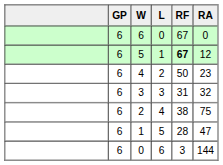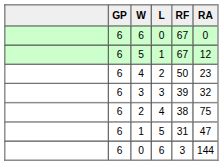 <table border=1 cellpadding=5 cellspacing=0>
 <tr>
 <th bgcolor="#efefef" width="150">　</th>
 <th bgcolor="#efefef" width="20">GP</th>
 <th bgcolor="#efefef" width="20">W</th>
 <th bgcolor="#efefef" width="20">L</th>
 <th bgcolor="#efefef" width="20">RF</th>
 <th bgcolor="#efefef" width="20">RA</th>
 </tr>
 <tr align=center bgcolor="#ccffcc">
 <td align=left></td>
 <td>6</td>
 <td>6</td>
 <td>0</td>
 <td>67</td>
 <td>0</td>
 </tr>
 <tr align=center bgcolor="#ccffcc">
 <td align=left></td>
 <td>6</td>
 <td>5</td>
 <td>1</td>
-<td><strong>67</strong></td>
+<td>67</td>
 <td>12</td>
 </tr>
 <tr align=center bgcolor="#ffffff">
 <td align=left></td>
 <td>6</td>
 <td>4</td>
 <td>2</td>
 <td>50</td>
 <td>23</td>
 </tr>
 <tr align=center bgcolor="#ffffff">
 <td align=left></td>
 <td>6</td>
 <td>3</td>
 <td>3</td>
-<td>31</td>
+<td>39</td>
 <td>32</td>
 </tr>
 <tr align=center bgcolor="#ffffff">
 <td align=left></td>
 <td>6</td>
 <td>2</td>
 <td>4</td>
 <td>38</td>
 <td>75</td>
 </tr>
 <tr align=center bgcolor="#ffffff">
 <td align=left></td>
 <td>6</td>
 <td>1</td>
 <td>5</td>
-<td>28</td>
+<td>31</td>
 <td>47</td>
 </tr>
 <tr align=center bgcolor="#ffffff">
 <td align=left></td>
 <td>6</td>
 <td>0</td>
 <td>6</td>
 <td>3</td>
 <td>144</td>
 </tr>
 </table>
